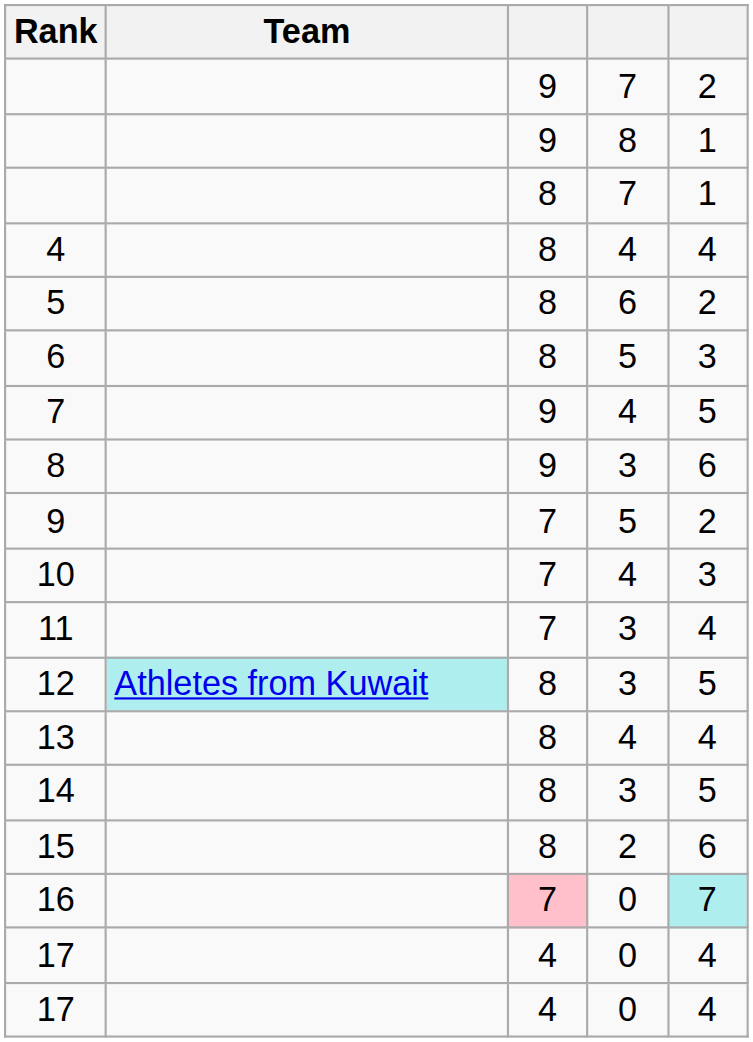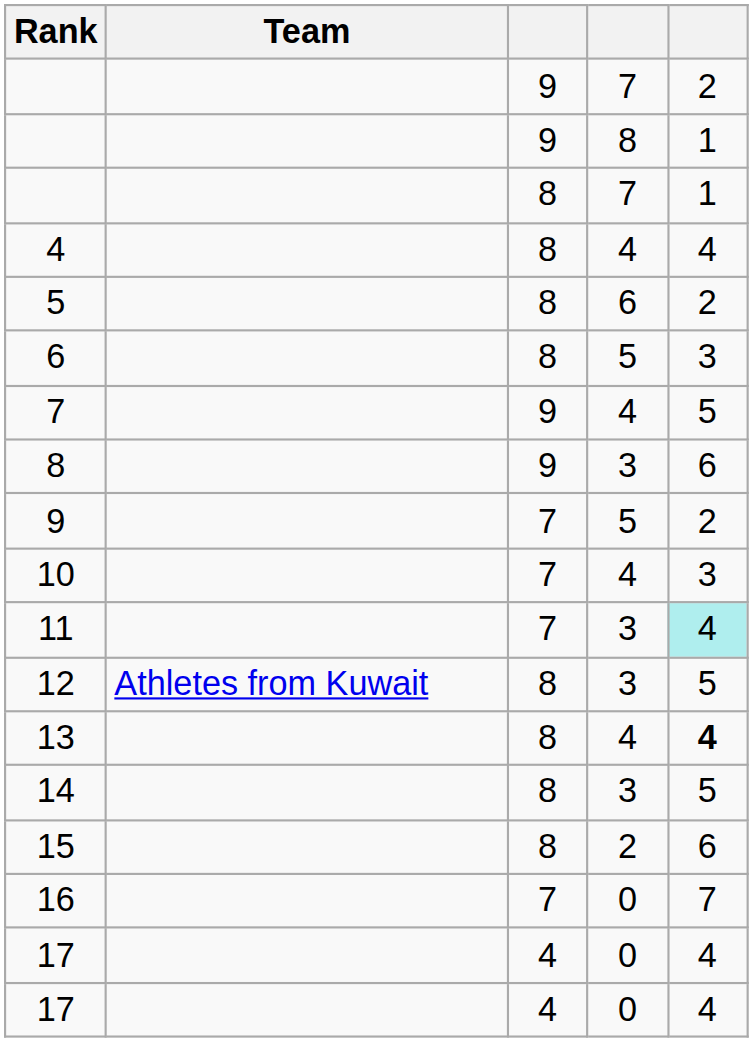 <table class="wikitable" style="text-align: center;">
 <tr>
 <th width=40>Rank</th>
 <th width=180>Team</th>
 <th width=30></th>
 <th width=30></th>
 <th width=30></th>
 </tr>
 <tr>
 <td></td>
 <td align=left></td>
 <td>9</td>
 <td>7</td>
 <td>2</td>
 </tr>
 <tr>
 <td></td>
 <td align=left></td>
 <td>9</td>
 <td>8</td>
 <td>1</td>
 </tr>
 <tr>
 <td></td>
 <td align=left></td>
 <td>8</td>
 <td>7</td>
 <td>1</td>
 </tr>
 <tr>
 <td>4</td>
 <td align=left></td>
 <td>8</td>
 <td>4</td>
 <td>4</td>
 </tr>
 <tr>
 <td>5</td>
 <td align=left></td>
 <td>8</td>
 <td>6</td>
 <td>2</td>
 </tr>
 <tr>
 <td>6</td>
 <td align=left></td>
 <td>8</td>
 <td>5</td>
 <td>3</td>
 </tr>
 <tr>
 <td>7</td>
 <td align=left></td>
 <td>9</td>
 <td>4</td>
 <td>5</td>
 </tr>
 <tr>
 <td>8</td>
 <td align=left></td>
 <td>9</td>
 <td>3</td>
 <td>6</td>
 </tr>
 <tr>
 <td>9</td>
 <td align=left></td>
 <td>7</td>
 <td>5</td>
 <td>2</td>
 </tr>
 <tr>
 <td>10</td>
 <td align=left></td>
 <td>7</td>
 <td>4</td>
 <td>3</td>
 </tr>
 <tr>
 <td>11</td>
 <td align=left></td>
 <td>7</td>
 <td>3</td>
-<td>4</td>
+<td style="background: paleturquoise;">4</td>
 </tr>
 <tr>
 <td>12</td>
-<td align=left style="background: paleturquoise;"> <a href='#'>Athletes from Kuwait</a></td>
+<td align=left> <a href='#'>Athletes from Kuwait</a></td>
 <td>8</td>
 <td>3</td>
 <td>5</td>
 </tr>
 <tr>
 <td>13</td>
 <td align=left></td>
 <td>8</td>
 <td>4</td>
-<td>4</td>
+<td><strong>4</strong></td>
 </tr>
 <tr>
 <td>14</td>
 <td align=left></td>
 <td>8</td>
 <td>3</td>
 <td>5</td>
 </tr>
 <tr>
 <td>15</td>
 <td align=left></td>
 <td>8</td>
 <td>2</td>
 <td>6</td>
 </tr>
 <tr>
 <td>16</td>
 <td align=left></td>
-<td style="background: pink;">7</td>
+<td>7</td>
 <td>0</td>
-<td style="background: paleturquoise;">7</td>
+<td>7</td>
 </tr>
 <tr>
 <td>17</td>
 <td align=left></td>
 <td>4</td>
 <td>0</td>
 <td>4</td>
 </tr>
 <tr>
 <td>17</td>
 <td align=left></td>
 <td>4</td>
 <td>0</td>
 <td>4</td>
 </tr>
 </table>
